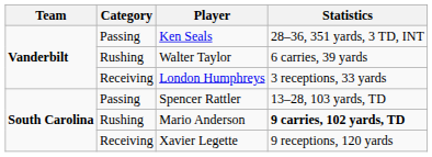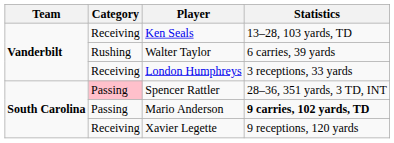 <table class="wikitable" style="float: right;">
 <tr>
 <th>Team</th>
 <th>Category</th>
 <th>Player</th>
 <th>Statistics</th>
 </tr>
 <tr>
 <td rowspan=3><strong>Vanderbilt</strong></td>
-<td>Passing</td>
+<td>Receiving</td>
 <td><a href='#'>Ken Seals</a></td>
-<td>28–36, 351 yards, 3 TD, INT</td>
+<td>13–28, 103 yards, TD</td>
 </tr>
 <tr>
 <td>Rushing</td>
 <td>Walter Taylor</td>
 <td>6 carries, 39 yards</td>
 </tr>
 <tr>
 <td>Receiving</td>
 <td><a href='#'>London Humphreys</a></td>
 <td>3 receptions, 33 yards</td>
 </tr>
 <tr>
 <td rowspan=3><strong>South Carolina</strong></td>
-<td>Passing</td>
+<td style="background: pink;">Passing</td>
 <td>Spencer Rattler</td>
-<td>13–28, 103 yards, TD</td>
+<td>28–36, 351 yards, 3 TD, INT</td>
 </tr>
 <tr>
-<td>Rushing</td>
+<td>Passing</td>
 <td>Mario Anderson</td>
 <td><strong>9 carries, 102 yards, TD</strong></td>
 </tr>
 <tr>
 <td>Receiving</td>
 <td>Xavier Legette</td>
 <td>9 receptions, 120 yards</td>
 </tr>
 </table>
